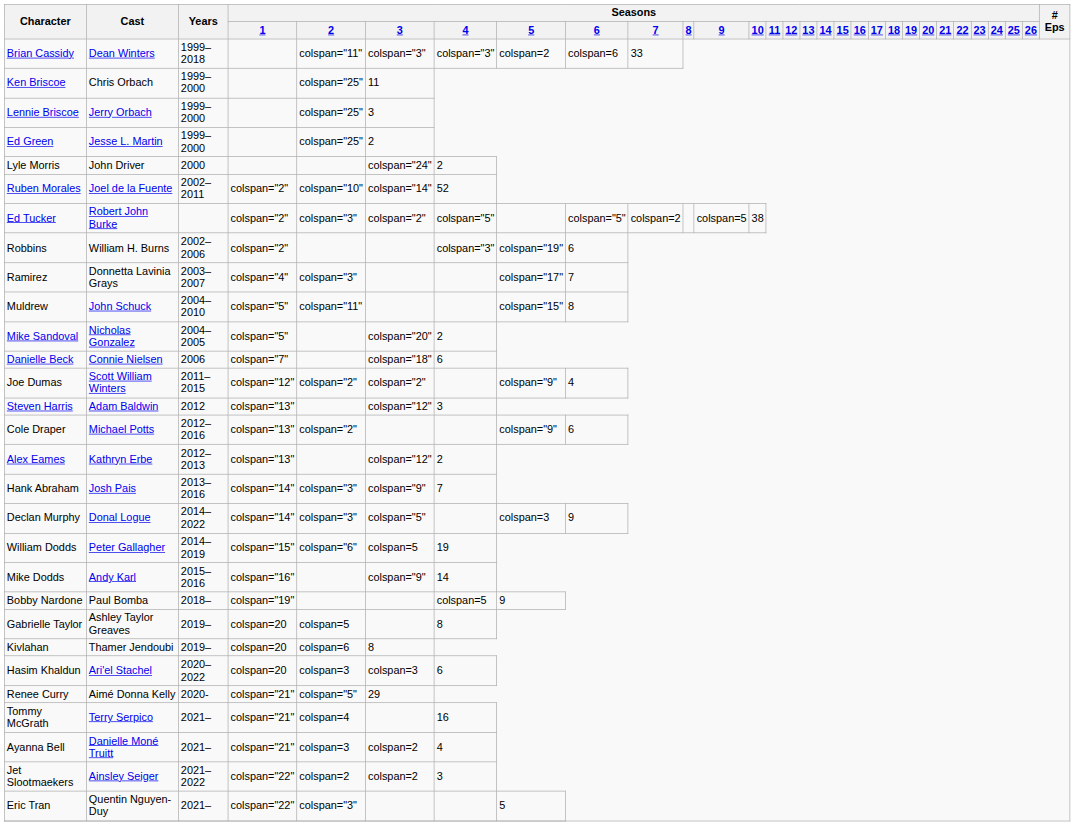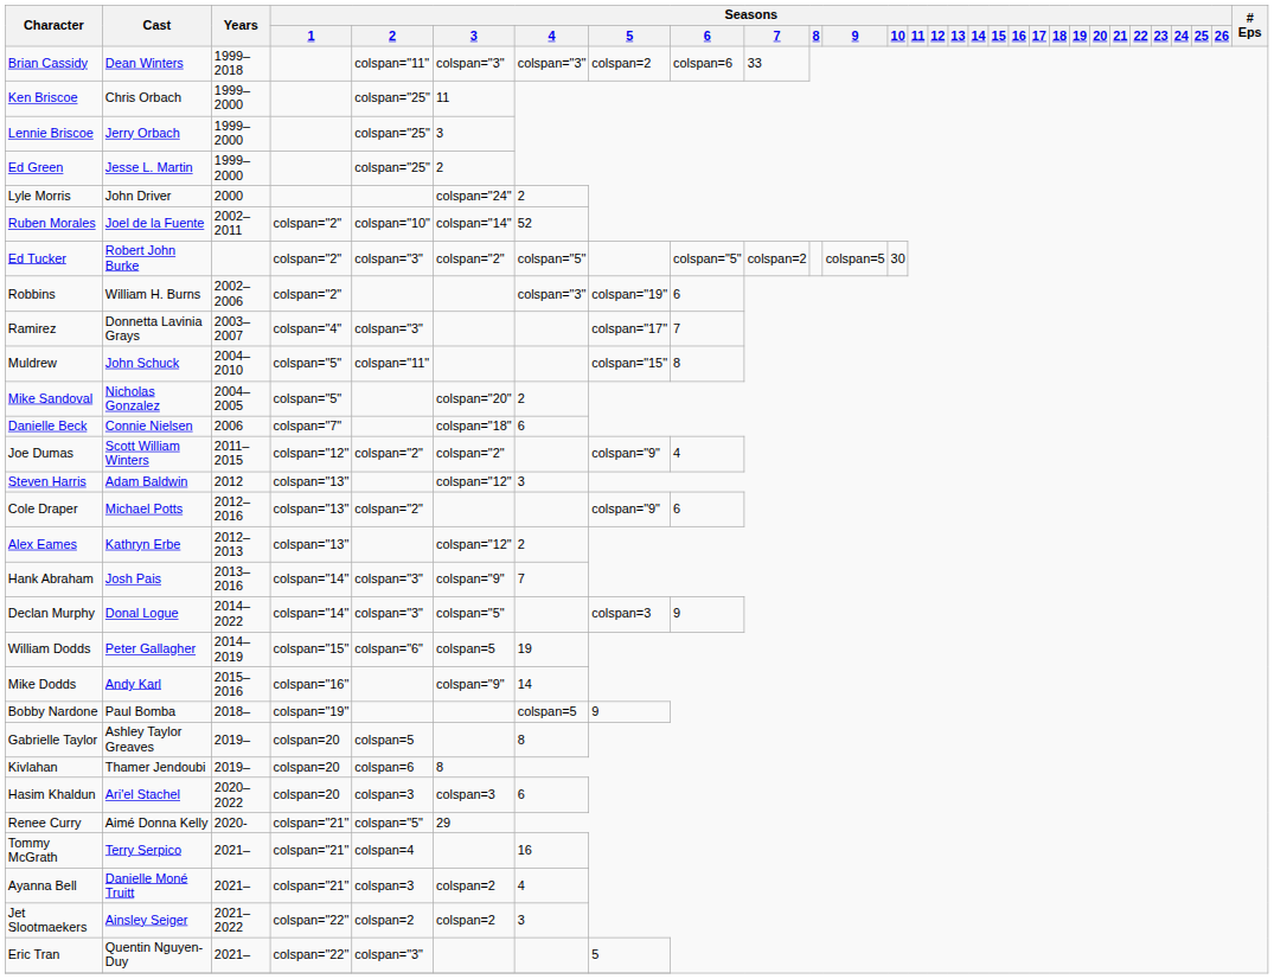 <table class="wikitable">
 <tr>
 <th rowspan="2">Character</th>
 <th rowspan="2">Cast</th>
 <th rowspan="2">Years</th>
 <th colspan="26">Seasons</th>
 <th rowspan="2"># Eps</th>
 </tr>
 <tr>
 <th><a href='#'>1</a></th>
 <th><a href='#'>2</a></th>
 <th><a href='#'>3</a></th>
 <th><a href='#'>4</a></th>
 <th><a href='#'>5</a></th>
 <th><a href='#'>6</a></th>
 <th><a href='#'>7</a></th>
 <th><a href='#'>8</a></th>
 <th><a href='#'>9</a></th>
 <th><a href='#'>10</a></th>
 <th><a href='#'>11</a></th>
 <th><a href='#'>12</a></th>
 <th><a href='#'>13</a></th>
 <th><a href='#'>14</a></th>
 <th><a href='#'>15</a></th>
 <th><a href='#'>16</a></th>
 <th><a href='#'>17</a></th>
 <th><a href='#'>18</a></th>
 <th><a href='#'>19</a></th>
 <th><a href='#'>20</a></th>
 <th><a href='#'>21</a></th>
 <th><a href='#'>22</a></th>
 <th><a href='#'>23</a></th>
 <th><a href='#'>24</a></th>
 <th><a href='#'>25</a></th>
 <th><a href='#'>26</a></th>
 </tr>
 <tr>
 <td><a href='#'>Brian Cassidy</a></td>
 <td><a href='#'>Dean Winters</a></td>
 <td>1999–2018</td>
 <td></td>
 <td>colspan="11" </td>
 <td>colspan="3" </td>
 <td>colspan="3" </td>
 <td>colspan=2 </td>
 <td>colspan=6 </td>
 <td>33</td>
 </tr>
 <tr>
 <td><a href='#'>Ken Briscoe</a></td>
 <td>Chris Orbach</td>
 <td>1999–2000</td>
 <td></td>
 <td>colspan="25" </td>
 <td>11</td>
 </tr>
 <tr>
 <td><a href='#'>Lennie Briscoe</a></td>
 <td><a href='#'>Jerry Orbach</a></td>
 <td>1999–2000</td>
 <td></td>
 <td>colspan="25" </td>
 <td>3</td>
 </tr>
 <tr>
 <td><a href='#'>Ed Green</a></td>
 <td><a href='#'>Jesse L. Martin</a></td>
 <td>1999–2000</td>
 <td></td>
 <td>colspan="25" </td>
 <td>2</td>
 </tr>
 <tr>
 <td>Lyle Morris</td>
 <td>John Driver</td>
 <td>2000</td>
 <td></td>
 <td></td>
 <td>colspan="24" </td>
 <td>2</td>
 </tr>
 <tr>
 <td><a href='#'>Ruben Morales</a></td>
 <td><a href='#'>Joel de la Fuente</a></td>
 <td>2002–2011</td>
 <td>colspan="2" </td>
 <td>colspan="10" </td>
 <td>colspan="14" </td>
 <td>52</td>
 </tr>
 <tr>
 <td><a href='#'>Ed Tucker</a></td>
 <td><a href='#'>Robert John Burke</a></td>
 <td></td>
 <td>colspan="2" </td>
 <td>colspan="3" </td>
 <td>colspan="2" </td>
 <td>colspan="5" </td>
 <td></td>
 <td>colspan="5" </td>
 <td>colspan=2 </td>
 <td></td>
 <td>colspan=5 </td>
-<td>38</td>
+<td>30</td>
 </tr>
 <tr>
 <td>Robbins</td>
 <td>William H. Burns</td>
 <td>2002–2006</td>
 <td>colspan="2" </td>
 <td></td>
 <td></td>
 <td>colspan="3" </td>
 <td>colspan="19" </td>
 <td>6</td>
 </tr>
 <tr>
 <td>Ramirez</td>
 <td>Donnetta Lavinia Grays</td>
 <td>2003–2007</td>
 <td>colspan="4" </td>
 <td>colspan="3" </td>
 <td></td>
 <td></td>
 <td>colspan="17" </td>
 <td>7</td>
 </tr>
 <tr>
 <td>Muldrew</td>
 <td><a href='#'>John Schuck</a></td>
 <td>2004–2010</td>
 <td>colspan="5" </td>
 <td>colspan="11" </td>
 <td></td>
 <td></td>
 <td>colspan="15" </td>
 <td>8</td>
 </tr>
 <tr>
 <td><a href='#'>Mike Sandoval</a></td>
 <td><a href='#'>Nicholas Gonzalez</a></td>
 <td>2004–2005</td>
 <td>colspan="5" </td>
 <td></td>
 <td>colspan="20" </td>
 <td>2</td>
 </tr>
 <tr>
 <td><a href='#'>Danielle Beck</a></td>
 <td><a href='#'>Connie Nielsen</a></td>
 <td>2006</td>
 <td>colspan="7" </td>
 <td></td>
 <td>colspan="18" </td>
 <td>6</td>
 </tr>
 <tr>
 <td>Joe Dumas</td>
 <td><a href='#'>Scott William Winters</a></td>
 <td>2011–2015</td>
 <td>colspan="12" </td>
 <td>colspan="2" </td>
 <td>colspan="2" </td>
 <td></td>
 <td>colspan="9" </td>
 <td>4</td>
 </tr>
 <tr>
 <td><a href='#'>Steven Harris</a></td>
 <td><a href='#'>Adam Baldwin</a></td>
 <td>2012</td>
 <td>colspan="13" </td>
 <td></td>
 <td>colspan="12" </td>
 <td>3</td>
 </tr>
 <tr>
 <td>Cole Draper</td>
 <td><a href='#'>Michael Potts</a></td>
 <td>2012–2016</td>
 <td>colspan="13" </td>
 <td>colspan="2" </td>
 <td></td>
 <td></td>
 <td>colspan="9" </td>
 <td>6</td>
 </tr>
 <tr>
 <td><a href='#'>Alex Eames</a></td>
 <td><a href='#'>Kathryn Erbe</a></td>
 <td>2012–2013</td>
 <td>colspan="13" </td>
 <td></td>
 <td>colspan="12" </td>
 <td>2</td>
 </tr>
 <tr>
 <td>Hank Abraham</td>
 <td><a href='#'>Josh Pais</a></td>
 <td>2013–2016</td>
 <td>colspan="14" </td>
 <td>colspan="3" </td>
 <td>colspan="9" </td>
 <td>7</td>
 </tr>
 <tr>
 <td>Declan Murphy</td>
 <td><a href='#'>Donal Logue</a></td>
 <td>2014–2022</td>
 <td>colspan="14" </td>
 <td>colspan="3" </td>
 <td>colspan="5" </td>
 <td></td>
 <td>colspan=3 </td>
 <td>9</td>
 </tr>
 <tr>
 <td>William Dodds</td>
 <td><a href='#'>Peter Gallagher</a></td>
 <td>2014–2019</td>
 <td>colspan="15" </td>
 <td>colspan="6" </td>
 <td>colspan=5 </td>
 <td>19</td>
 </tr>
 <tr>
 <td>Mike Dodds</td>
 <td><a href='#'>Andy Karl</a></td>
 <td>2015–2016</td>
 <td>colspan="16" </td>
 <td></td>
 <td>colspan="9" </td>
 <td>14</td>
 </tr>
 <tr>
 <td>Bobby Nardone</td>
 <td>Paul Bomba</td>
 <td>2018–</td>
 <td>colspan="19" </td>
 <td></td>
 <td></td>
 <td>colspan=5 </td>
 <td>9</td>
 </tr>
 <tr>
 <td>Gabrielle Taylor</td>
 <td>Ashley Taylor Greaves</td>
 <td>2019–</td>
 <td>colspan=20 </td>
 <td>colspan=5 </td>
 <td></td>
 <td>8</td>
 </tr>
 <tr>
 <td>Kivlahan</td>
 <td>Thamer Jendoubi</td>
 <td>2019–</td>
 <td>colspan=20 </td>
 <td>colspan=6 </td>
 <td>8</td>
 </tr>
 <tr>
 <td>Hasim Khaldun</td>
 <td><a href='#'>Ari'el Stachel</a></td>
 <td>2020–2022</td>
 <td>colspan=20 </td>
 <td>colspan=3 </td>
 <td>colspan=3 </td>
 <td>6</td>
 </tr>
 <tr>
 <td>Renee Curry</td>
 <td>Aimé Donna Kelly</td>
 <td>2020-</td>
 <td>colspan="21" </td>
 <td>colspan="5"</td>
 <td>29</td>
 </tr>
 <tr>
 <td>Tommy McGrath</td>
 <td><a href='#'>Terry Serpico</a></td>
 <td>2021–</td>
 <td>colspan="21" </td>
 <td>colspan=4 </td>
 <td></td>
 <td>16</td>
 </tr>
 <tr>
 <td>Ayanna Bell</td>
 <td><a href='#'>Danielle Moné Truitt</a></td>
 <td>2021–</td>
 <td>colspan="21" </td>
 <td>colspan=3 </td>
 <td>colspan=2 </td>
 <td>4</td>
 </tr>
 <tr>
 <td>Jet Slootmaekers</td>
 <td><a href='#'>Ainsley Seiger</a></td>
 <td>2021–2022</td>
 <td>colspan="22" </td>
 <td>colspan=2 </td>
 <td>colspan=2 </td>
 <td>3</td>
 </tr>
 <tr>
 <td>Eric Tran</td>
 <td>Quentin Nguyen-Duy</td>
 <td>2021–</td>
 <td>colspan="22" </td>
 <td>colspan="3" </td>
 <td></td>
 <td></td>
 <td>5</td>
 </tr>
 <tr>
 </tr>
 </table>
